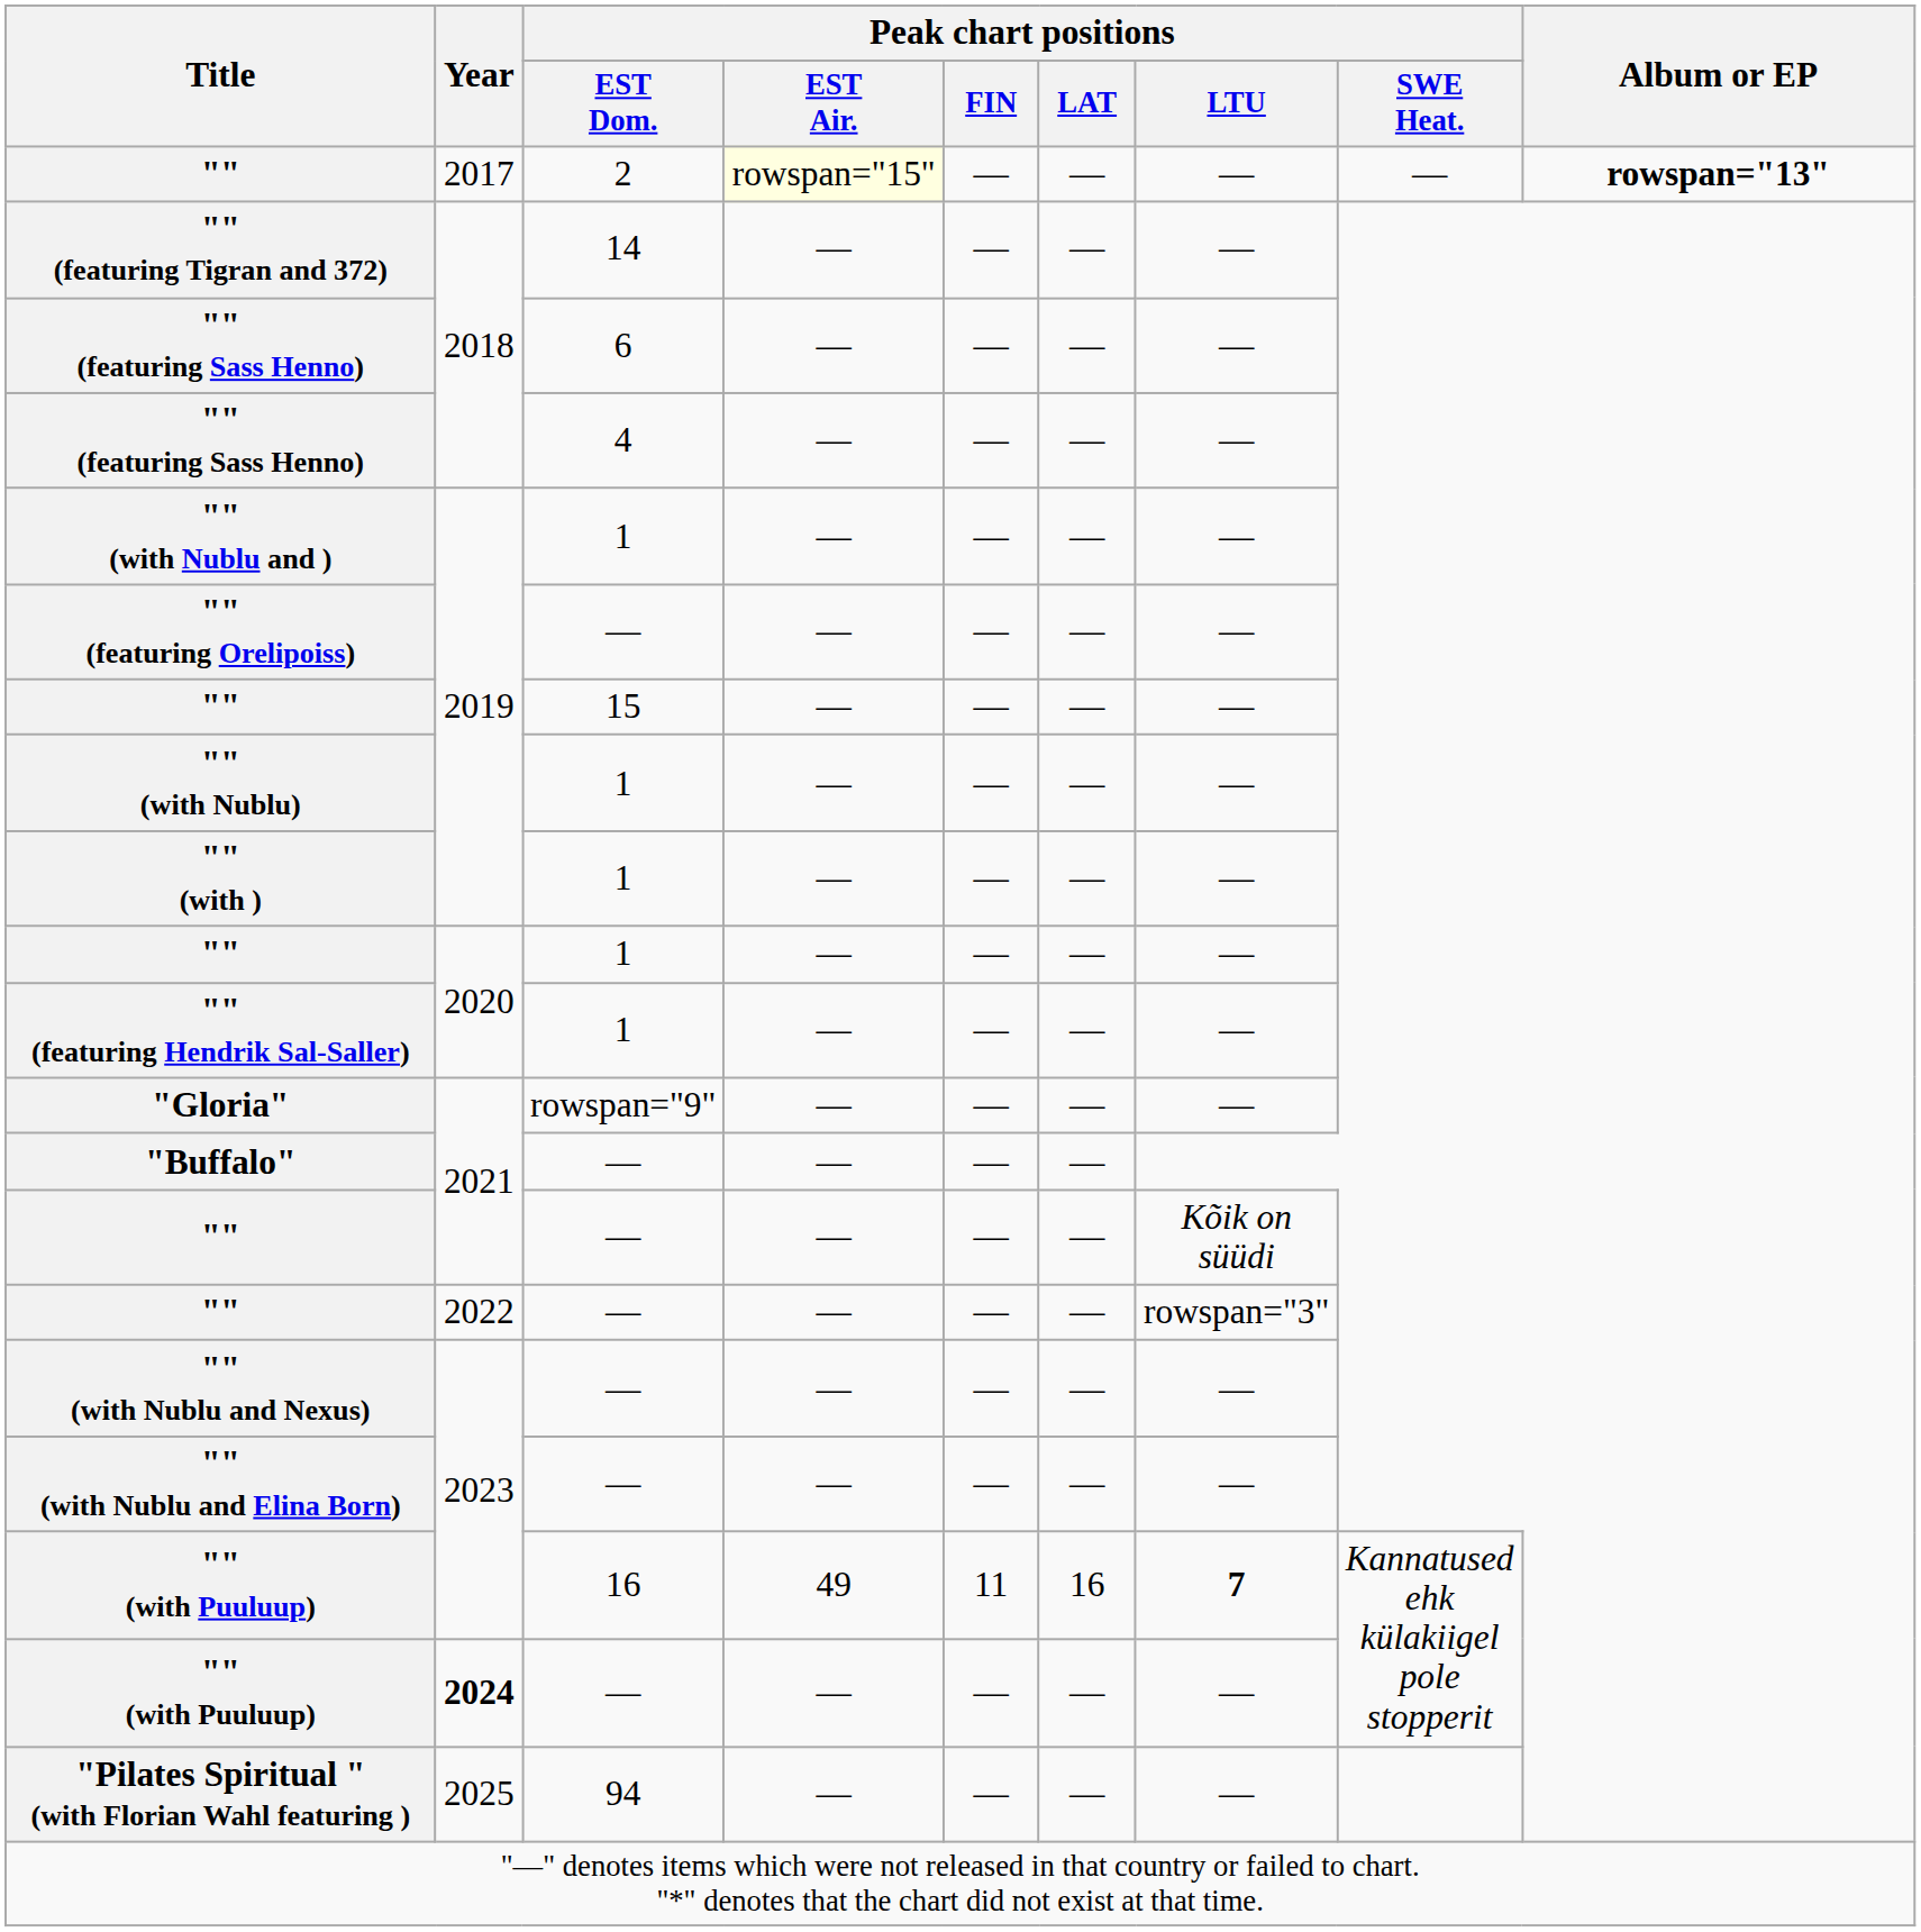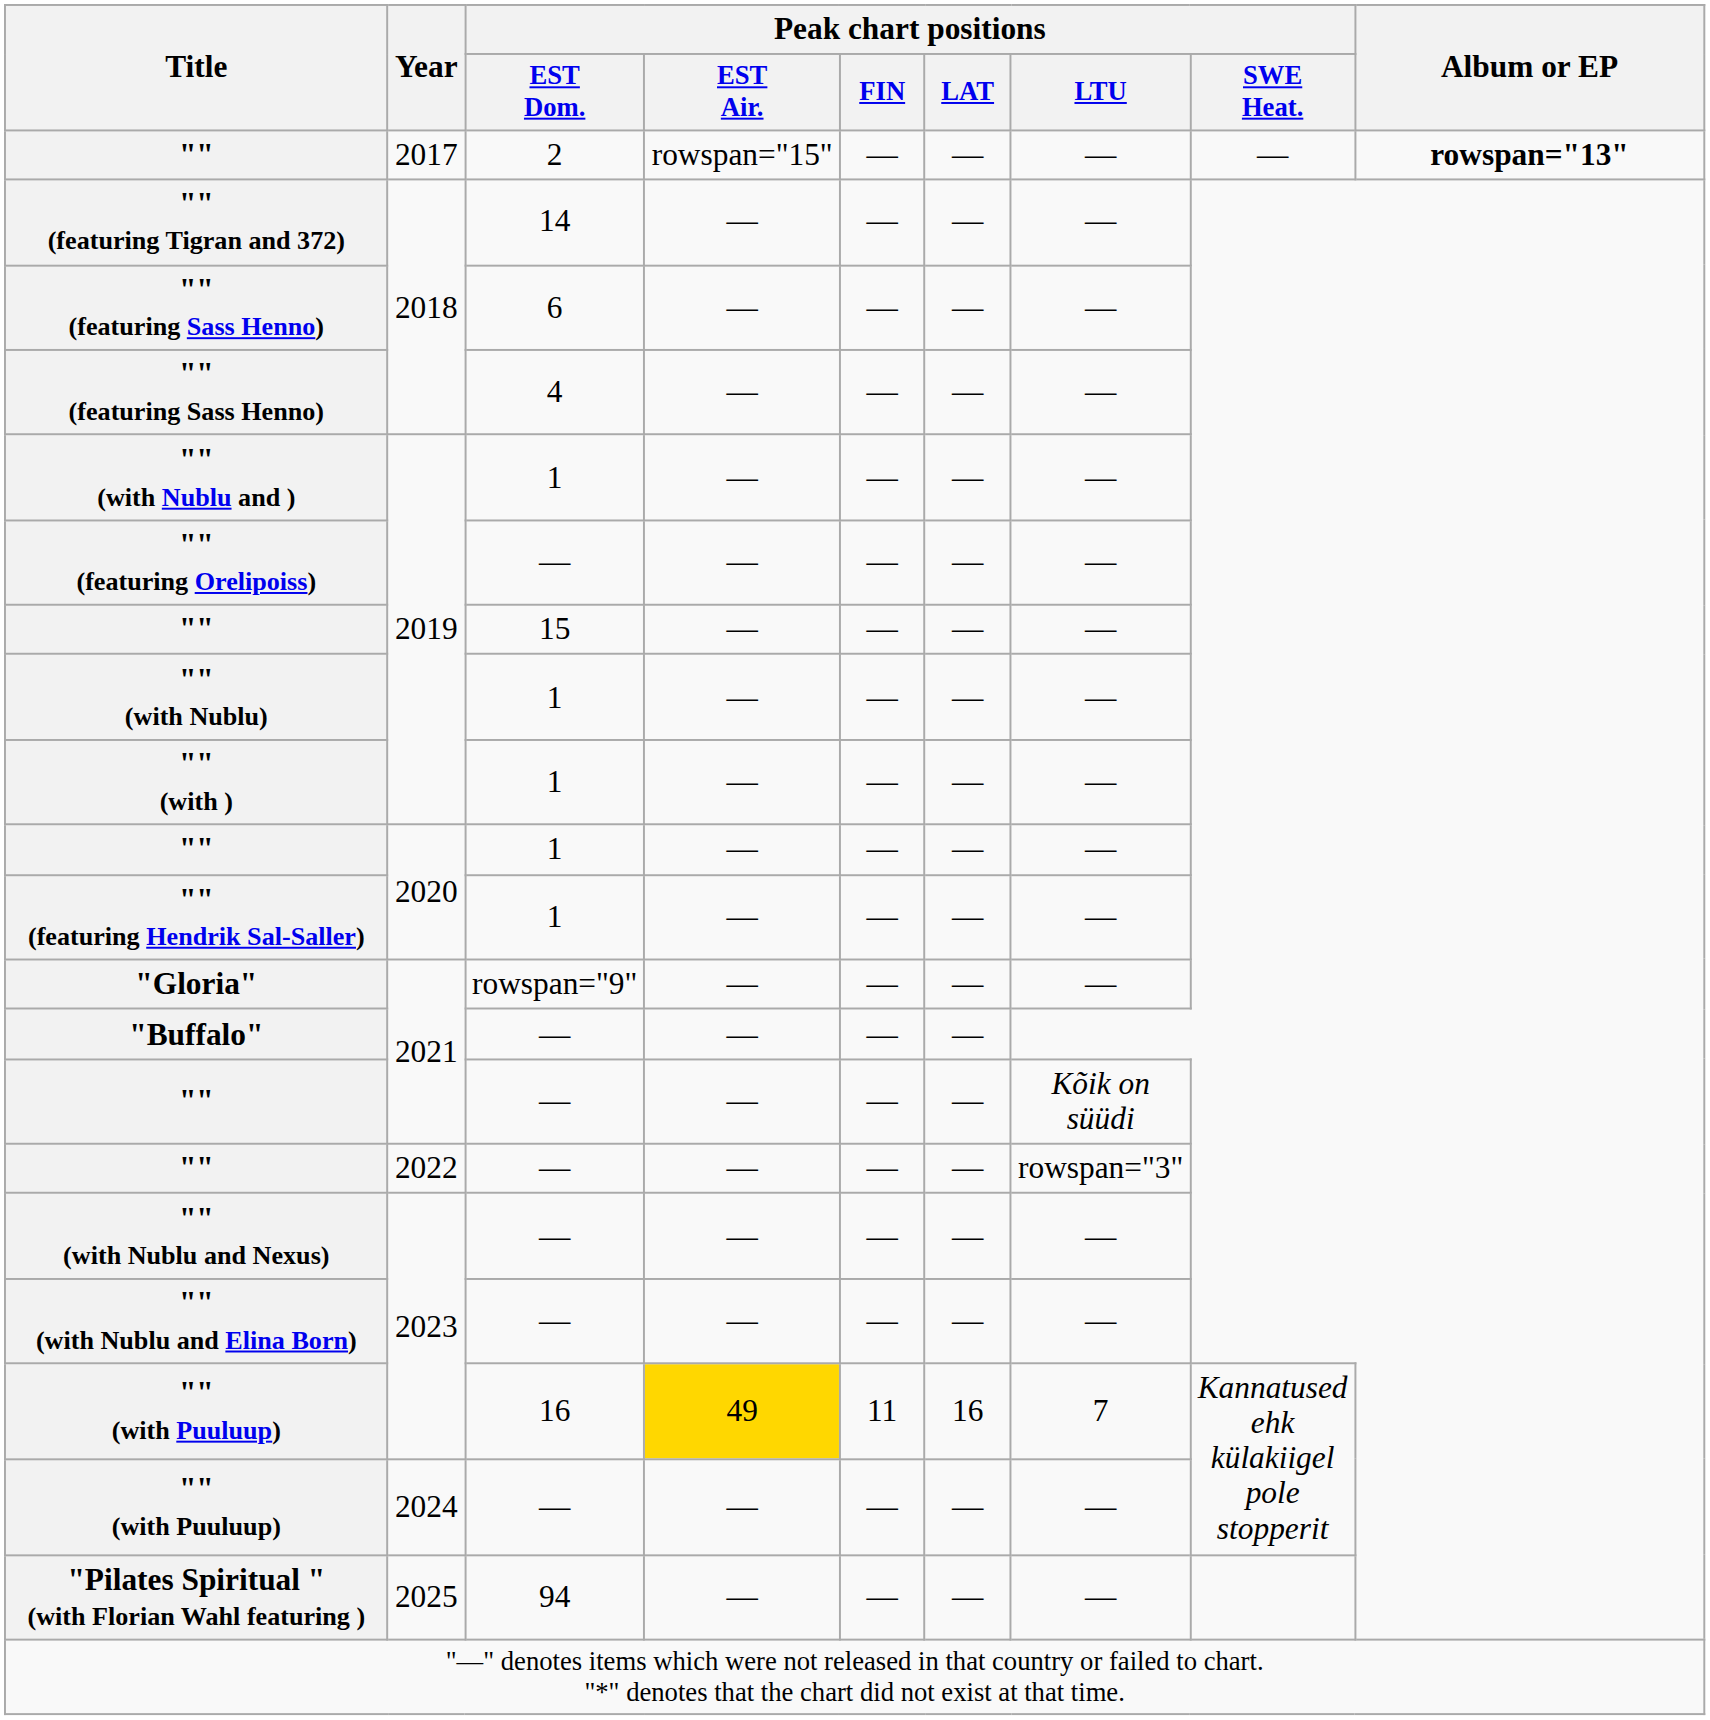 <table class="wikitable plainrowheaders" style="text-align:center;">
 <tr>
 <th scope="col" rowspan="2" style="width:14em;">Title</th>
 <th scope="col" rowspan="2">Year</th>
 <th colspan="6" scope="col">Peak chart positions</th>
 <th scope="col" rowspan="2" style="width:12em;">Album or EP</th>
 </tr>
 <tr>
 <th scope="col" style="width:3em;font-size:85%;"><a href='#'>EST<br>Dom.</a><br></th>
 <th scope="col" style="width:3em;font-size:85%;"><a href='#'>EST<br>Air.</a><br></th>
 <th scope="col" style="width:3em;font-size:85%;"><a href='#'>FIN</a><br></th>
 <th scope="col" style="width:3em;font-size:85%;"><a href='#'>LAT</a><br></th>
 <th scope="col" style="width:3em;font-size:85%;"><a href='#'>LTU</a><br></th>
 <th scope="col" style="width:3em;font-size:85%;"><a href='#'>SWE<br>Heat.</a><br></th>
 </tr>
 <tr>
 <th scope="row">""</th>
 <td>2017</td>
 <td>2</td>
-<td style="background: lightyellow;">rowspan="15" </td>
+<td>rowspan="15" </td>
 <td>—</td>
 <td>—</td>
 <td>—</td>
 <td>—</td>
 <td><strong>rowspan="13" </strong></td>
 </tr>
 <tr>
 <th scope="row">""<br><small>(featuring Tigran and 372)</small></th>
 <td rowspan="3">2018</td>
 <td>14</td>
 <td>—</td>
 <td>—</td>
 <td>—</td>
 <td>—</td>
 </tr>
 <tr>
 <th scope="row">""<br><small>(featuring <a href='#'>Sass Henno</a>)</small></th>
 <td>6</td>
 <td>—</td>
 <td>—</td>
 <td>—</td>
 <td>—</td>
 </tr>
 <tr>
 <th scope="row">""<br><small>(featuring Sass Henno)</small></th>
 <td>4</td>
 <td>—</td>
 <td>—</td>
 <td>—</td>
 <td>—</td>
 </tr>
 <tr>
 <th scope="row">""<br><small>(with <a href='#'>Nublu</a> and )</small></th>
 <td rowspan="5">2019</td>
 <td>1</td>
 <td>—</td>
 <td>—</td>
 <td>—</td>
 <td>—</td>
 </tr>
 <tr>
 <th scope="row">""<br><small>(featuring <a href='#'>Orelipoiss</a>)</small></th>
 <td>—</td>
 <td>—</td>
 <td>—</td>
 <td>—</td>
 <td>—</td>
 </tr>
 <tr>
 <th scope="row">""</th>
 <td>15</td>
 <td>—</td>
 <td>—</td>
 <td>—</td>
 <td>—</td>
 </tr>
 <tr>
 <th scope="row">""<br><small>(with Nublu)</small></th>
 <td>1</td>
 <td>—</td>
 <td>—</td>
 <td>—</td>
 <td>—</td>
 </tr>
 <tr>
 <th scope="row">""<br><small>(with )</small></th>
 <td>1</td>
 <td>—</td>
 <td>—</td>
 <td>—</td>
 <td>—</td>
 </tr>
 <tr>
 <th scope="row">""</th>
 <td rowspan="2">2020</td>
 <td>1</td>
 <td>—</td>
 <td>—</td>
 <td>—</td>
 <td>—</td>
 </tr>
 <tr>
 <th scope="row">""<br><small>(featuring <a href='#'>Hendrik Sal-Saller</a>)</small></th>
 <td>1</td>
 <td>—</td>
 <td>—</td>
 <td>—</td>
 <td>—</td>
 </tr>
 <tr>
 <th scope="row">"Gloria"</th>
 <td rowspan="3">2021</td>
 <td>rowspan="9" </td>
 <td>—</td>
 <td>—</td>
 <td>—</td>
 <td>—</td>
 </tr>
 <tr>
 <th scope="row">"Buffalo"</th>
 <td>—</td>
 <td>—</td>
 <td>—</td>
 <td>—</td>
 </tr>
 <tr>
 <th scope="row">""</th>
 <td>—</td>
 <td>—</td>
 <td>—</td>
 <td>—</td>
 <td><em>Kõik on süüdi</em></td>
 </tr>
 <tr>
 <th scope="row">""</th>
 <td>2022</td>
 <td>—</td>
 <td>—</td>
 <td>—</td>
 <td>—</td>
 <td>rowspan="3" </td>
 </tr>
 <tr>
 <th scope="row">""<br><small>(with Nublu and Nexus)</small></th>
 <td rowspan="3">2023</td>
 <td>—</td>
 <td>—</td>
 <td>—</td>
 <td>—</td>
 <td>—</td>
 </tr>
 <tr>
 <th scope="row">""<br><small>(with Nublu and <a href='#'>Elina Born</a>)</small></th>
 <td>—</td>
 <td>—</td>
 <td>—</td>
 <td>—</td>
 <td>—</td>
 </tr>
 <tr>
 <th scope="row">""<br><small>(with <a href='#'>Puuluup</a>)</small></th>
 <td>16</td>
-<td>49</td>
+<td style="background: gold;">49</td>
 <td>11</td>
 <td>16</td>
-<td><strong>7</strong></td>
+<td>7</td>
 <td rowspan="2"><em>Kannatused ehk külakiigel pole stopperit</em></td>
 </tr>
 <tr>
 <th scope="row">""<br><small>(with Puuluup)</small></th>
-<td><strong>2024</strong></td>
+<td>2024</td>
 <td>—</td>
 <td>—</td>
 <td>—</td>
 <td>—</td>
 <td>—</td>
 </tr>
 <tr>
 <th scope="row">"Pilates Spiritual "<br><small>(with Florian Wahl featuring )</small></th>
 <td>2025</td>
 <td>94</td>
 <td>—</td>
 <td>—</td>
 <td>—</td>
 <td>—</td>
 <td></td>
 </tr>
 <tr>
 <td colspan="9" style="font-size:85%;">"—" denotes items which were not released in that country or failed to chart.<br>"*" denotes that the chart did not exist at that time.</td>
 </tr>
 </table>
